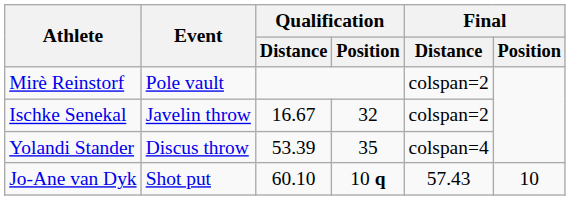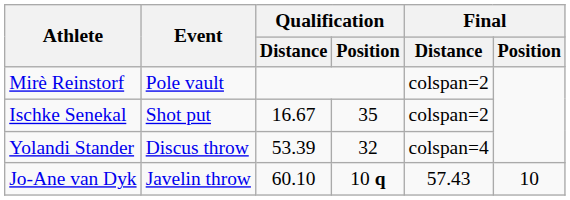 <table class=wikitable style=font-size:90%>
 <tr>
 <th rowspan=2>Athlete</th>
 <th rowspan=2>Event</th>
 <th colspan=2>Qualification</th>
 <th colspan=2>Final</th>
 </tr>
 <tr style=font-size:95%>
 <th>Distance</th>
 <th>Position</th>
 <th>Distance</th>
 <th>Position</th>
 </tr>
 <tr align=center>
 <td align=left><a href='#'>Mirè Reinstorf</a></td>
 <td align=left><a href='#'>Pole vault</a></td>
 <td colspan=2></td>
 <td>colspan=2 </td>
 </tr>
 <tr align=center>
 <td align=left><a href='#'>Ischke Senekal</a></td>
-<td align=left><a href='#'>Javelin throw</a></td>
+<td align=left><a href='#'>Shot put</a></td>
 <td>16.67</td>
-<td>32</td>
+<td>35</td>
 <td>colspan=2 </td>
 </tr>
 <tr align=center>
 <td align=left><a href='#'>Yolandi Stander</a></td>
 <td align=left><a href='#'>Discus throw</a></td>
 <td>53.39</td>
-<td>35</td>
+<td>32</td>
 <td>colspan=4 </td>
 </tr>
 <tr align=center>
 <td align=left><a href='#'>Jo-Ane van Dyk</a></td>
-<td align=left><a href='#'>Shot put</a></td>
+<td align=left><a href='#'>Javelin throw</a></td>
 <td>60.10</td>
 <td>10 <strong>q</strong></td>
 <td>57.43</td>
 <td>10</td>
 </tr>
 </table>
